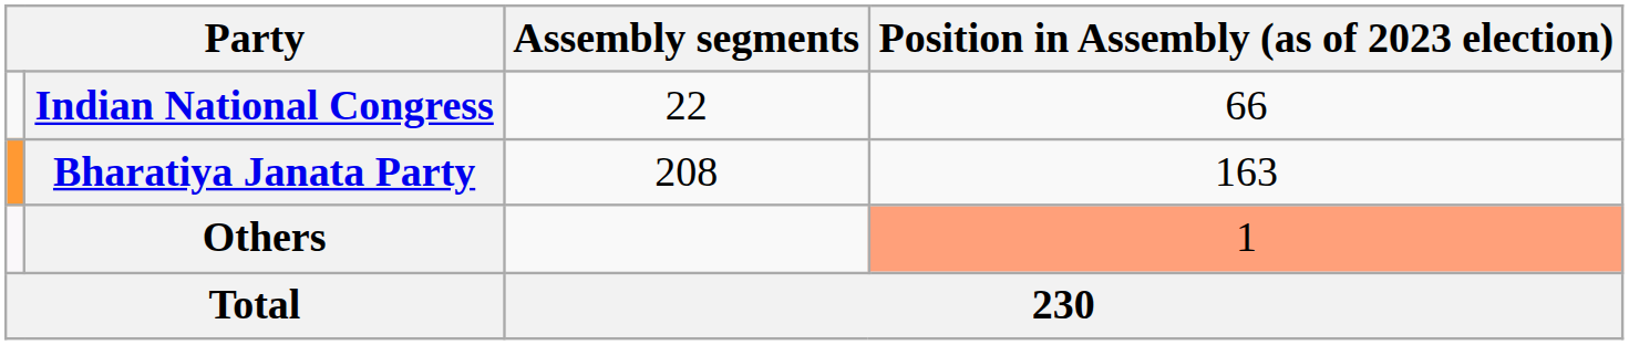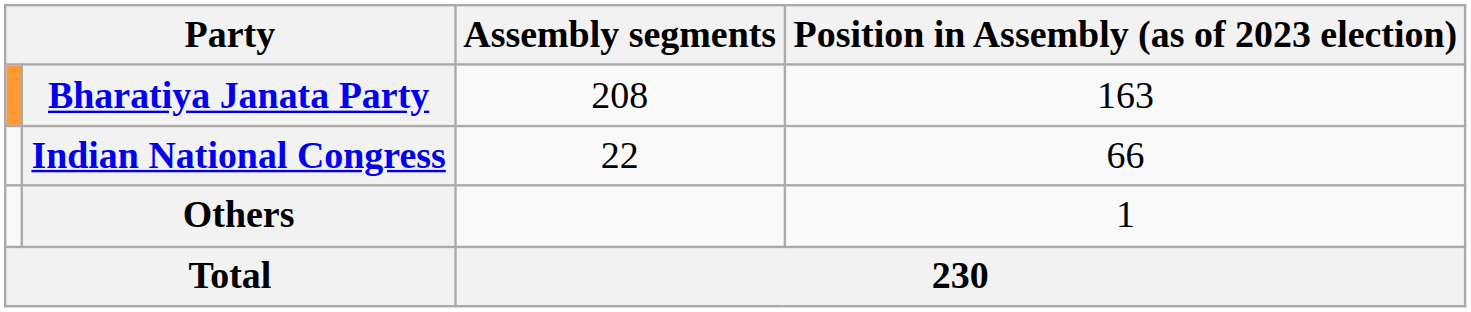 <table class="wikitable" style="text-align:center">
 <tr>
 <th colspan=2>Party</th>
 <th>Assembly segments</th>
 <th>Position in Assembly (as of 2023 election)</th>
+</tr>
+<tr>
+<td bgcolor=#FF9933></td>
+<th><a href='#'>Bharatiya Janata Party</a></th>
+<td>208</td>
+<td>163</td>
 </tr>
 <tr>
 <td></td>
 <th><a href='#'>Indian National Congress</a></th>
 <td>22</td>
 <td>66</td>
 </tr>
 <tr>
-<td bgcolor=#FF9933></td>
-<th><a href='#'>Bharatiya Janata Party</a></th>
-<td>208</td>
-<td>163</td>
-</tr>
-<tr>
 <td bgcolor=#faf8fa></td>
 <th>Others</th>
 <td></td>
-<td style="background: lightsalmon;">1</td>
+<td>1</td>
 </tr>
 <tr>
 <th colspan=2>Total</th>
 <th colspan=2>230</th>
 </tr>
 </table>
